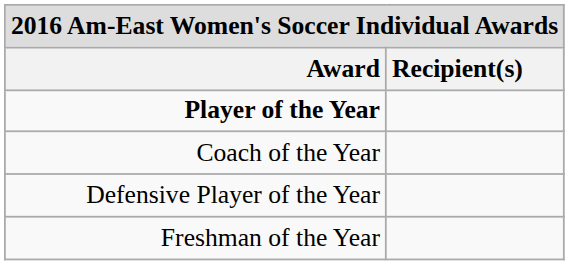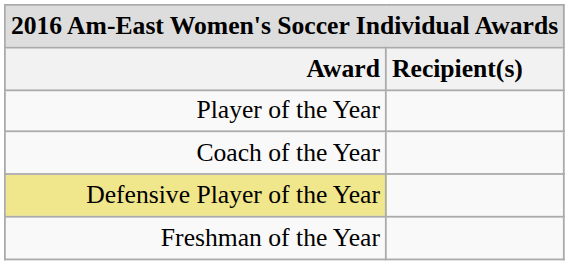 <table class="wikitable" style="white-space:nowrap; font-size:90%;">
 <tr>
 <td colspan="7" style="text-align:center; background:#ddd;"><strong>2016 Am-East Women's Soccer Individual Awards</strong></td>
 </tr>
 <tr>
 <th style="text-align:right;">Award</th>
 <th style="text-align:left;">Recipient(s)</th>
 </tr>
 <tr>
-<td style="text-align:right;"><strong>Player of the Year</strong></td>
+<td style="text-align:right;">Player of the Year</td>
 <td style="text-align:left;"></td>
 </tr>
 <tr>
 <td style="text-align:right;">Coach of the Year</td>
 <td style="text-align:left;"></td>
 </tr>
 <tr>
-<td style="text-align:right;">Defensive Player of the Year</td>
+<td style="background: khaki; text-align:right;">Defensive Player of the Year</td>
 <td style="text-align:left;"></td>
 </tr>
 <tr>
 <td style="text-align:right;">Freshman of the Year</td>
 <td style="text-align:left;"></td>
 </tr>
 </table>
